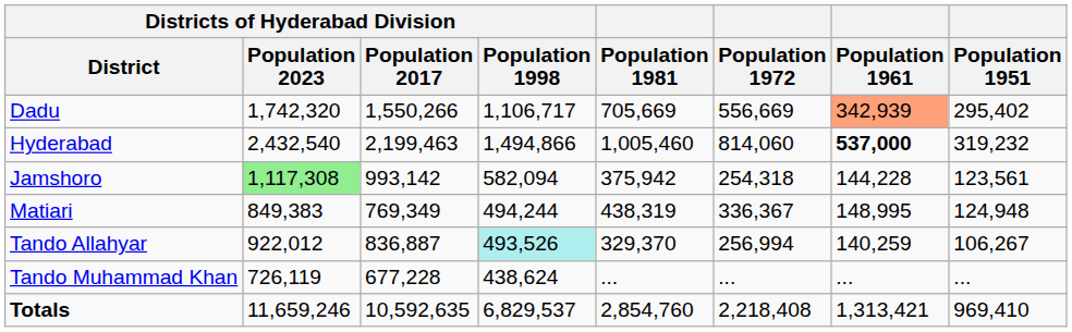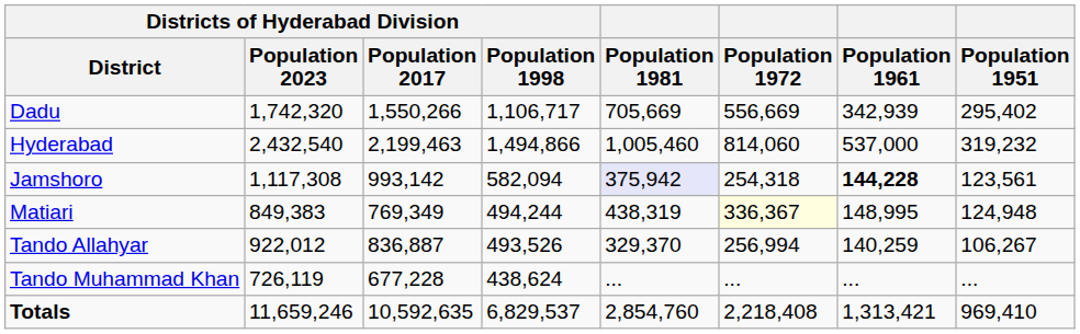 <table class="wikitable sortable static-row-numbers static-row-header-hash" align="center">
 <tr>
 <th colspan="4">Districts of Hyderabad Division</th>
 <th></th>
 <th></th>
 <th></th>
 <th></th>
 </tr>
 <tr>
 <th>District</th>
 <th>Population<br>2023</th>
 <th>Population<br>2017</th>
 <th>Population<br>1998</th>
 <th>Population<br>1981</th>
 <th>Population<br>1972</th>
 <th>Population<br>1961</th>
 <th>Population<br>1951</th>
 </tr>
 <tr>
 <td><a href='#'>Dadu</a></td>
 <td>1,742,320</td>
 <td>1,550,266</td>
 <td>1,106,717</td>
 <td>705,669</td>
 <td>556,669</td>
-<td style="background: lightsalmon;">342,939</td>
+<td>342,939</td>
 <td>295,402</td>
 </tr>
 <tr>
 <td><a href='#'>Hyderabad</a></td>
 <td>2,432,540</td>
 <td>2,199,463</td>
 <td>1,494,866</td>
 <td>1,005,460</td>
 <td>814,060</td>
-<td><strong>537,000</strong></td>
+<td>537,000</td>
 <td>319,232</td>
 </tr>
 <tr>
 <td><a href='#'>Jamshoro</a></td>
-<td style="background: lightgreen;">1,117,308</td>
+<td>1,117,308</td>
 <td>993,142</td>
 <td>582,094</td>
-<td>375,942</td>
+<td style="background: lavender;">375,942</td>
 <td>254,318</td>
-<td>144,228</td>
+<td><strong>144,228</strong></td>
 <td>123,561</td>
 </tr>
 <tr>
 <td><a href='#'>Matiari</a></td>
 <td>849,383</td>
 <td>769,349</td>
 <td>494,244</td>
 <td>438,319</td>
-<td>336,367</td>
+<td style="background: lightyellow;">336,367</td>
 <td>148,995</td>
 <td>124,948</td>
 </tr>
 <tr>
 <td><a href='#'>Tando Allahyar</a></td>
 <td>922,012</td>
 <td>836,887</td>
-<td style="background: paleturquoise;">493,526</td>
+<td>493,526</td>
 <td>329,370</td>
 <td>256,994</td>
 <td>140,259</td>
 <td>106,267</td>
 </tr>
 <tr>
 <td><a href='#'>Tando Muhammad Khan</a></td>
 <td>726,119</td>
 <td>677,228</td>
 <td>438,624</td>
 <td>...</td>
 <td>...</td>
 <td>...</td>
 <td>...</td>
 </tr>
 <tr>
 <td><strong>Totals</strong></td>
 <td>11,659,246</td>
 <td>10,592,635</td>
 <td>6,829,537</td>
 <td>2,854,760</td>
 <td>2,218,408</td>
 <td>1,313,421</td>
 <td>969,410</td>
 </tr>
 </table>
